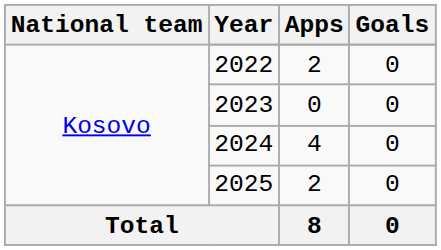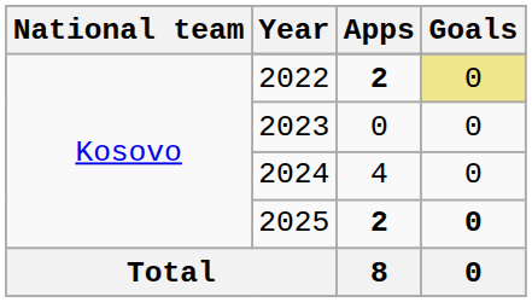 <table class="wikitable" style="text-align:center">
 <tr>
 <th>National team</th>
 <th>Year</th>
 <th>Apps</th>
 <th>Goals</th>
 </tr>
 <tr>
 <td rowspan="5"><a href='#'>Kosovo</a></td>
 </tr>
 <tr>
 <td>2022</td>
-<td>2</td>
-<td>0</td>
+<td><strong>2</strong></td>
+<td style="background: khaki;">0</td>
 </tr>
 <tr>
 <td>2023</td>
 <td>0</td>
 <td>0</td>
 </tr>
 <tr>
 <td>2024</td>
 <td>4</td>
 <td>0</td>
 </tr>
 <tr>
 <td>2025</td>
-<td>2</td>
-<td>0</td>
+<td><strong>2</strong></td>
+<td><strong>0</strong></td>
 </tr>
 <tr>
 <th colspan=2>Total</th>
 <th>8</th>
 <th>0</th>
 </tr>
 </table>
